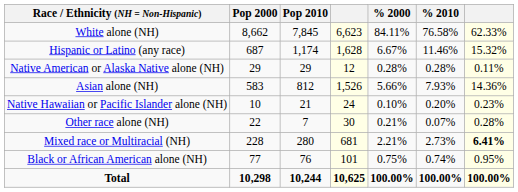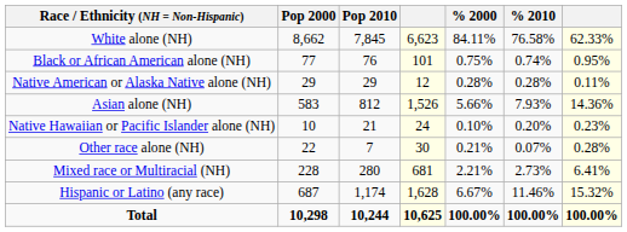 <table class="wikitable" style="text-align:center;">
 <tr>
 <th>Race / Ethnicity <small>(<em>NH = Non-Hispanic</em>)</small></th>
 <th>Pop 2000</th>
 <th>Pop 2010</th>
 <th></th>
 <th>% 2000</th>
 <th>% 2010</th>
 <th></th>
 </tr>
 <tr>
 <td><a href='#'>White</a> alone (NH)</td>
 <td>8,662</td>
 <td>7,845</td>
 <td style='background: #ffffe6;'>6,623</td>
 <td>84.11%</td>
 <td>76.58%</td>
 <td style='background: #ffffe6;'>62.33%</td>
 </tr>
 <tr>
-<td><a href='#'>Hispanic or Latino</a> (any race)</td>
-<td>687</td>
-<td>1,174</td>
-<td style='background: #ffffe6;'>1,628</td>
-<td>6.67%</td>
-<td>11.46%</td>
-<td style='background: #ffffe6;'>15.32%</td>
+<td><a href='#'>Black or African American</a> alone (NH)</td>
+<td>77</td>
+<td>76</td>
+<td style='background: #ffffe6;'>101</td>
+<td>0.75%</td>
+<td>0.74%</td>
+<td style='background: #ffffe6;'>0.95%</td>
 </tr>
 <tr>
 <td><a href='#'>Native American</a> or <a href='#'>Alaska Native</a> alone (NH)</td>
 <td>29</td>
 <td>29</td>
 <td style='background: #ffffe6;'>12</td>
 <td>0.28%</td>
 <td>0.28%</td>
 <td style='background: #ffffe6;'>0.11%</td>
 </tr>
 <tr>
 <td><a href='#'>Asian</a> alone (NH)</td>
 <td>583</td>
 <td>812</td>
 <td style='background: #ffffe6;'>1,526</td>
 <td>5.66%</td>
 <td>7.93%</td>
 <td style='background: #ffffe6;'>14.36%</td>
 </tr>
 <tr>
 <td><a href='#'>Native Hawaiian</a> or <a href='#'>Pacific Islander</a> alone (NH)</td>
 <td>10</td>
 <td>21</td>
 <td style='background: #ffffe6;'>24</td>
 <td>0.10%</td>
 <td>0.20%</td>
 <td style='background: #ffffe6;'>0.23%</td>
 </tr>
 <tr>
 <td><a href='#'>Other race</a> alone (NH)</td>
 <td>22</td>
 <td>7</td>
 <td style='background: #ffffe6;'>30</td>
 <td>0.21%</td>
 <td>0.07%</td>
 <td style='background: #ffffe6;'>0.28%</td>
 </tr>
 <tr>
 <td><a href='#'>Mixed race or Multiracial</a> (NH)</td>
 <td>228</td>
 <td>280</td>
 <td style='background: #ffffe6;'>681</td>
 <td>2.21%</td>
 <td>2.73%</td>
-<td style='background: #ffffe6;'><strong>6.41%</strong></td>
+<td style='background: #ffffe6;'>6.41%</td>
 </tr>
 <tr>
-<td><a href='#'>Black or African American</a> alone (NH)</td>
-<td>77</td>
-<td>76</td>
-<td style='background: #ffffe6;'>101</td>
-<td>0.75%</td>
-<td>0.74%</td>
-<td style='background: #ffffe6;'>0.95%</td>
+<td><a href='#'>Hispanic or Latino</a> (any race)</td>
+<td>687</td>
+<td>1,174</td>
+<td style='background: #ffffe6;'>1,628</td>
+<td>6.67%</td>
+<td>11.46%</td>
+<td style='background: #ffffe6;'>15.32%</td>
 </tr>
 <tr>
 <td><strong>Total</strong></td>
 <td><strong>10,298</strong></td>
 <td><strong>10,244</strong></td>
 <td style='background: #ffffe6;'><strong>10,625</strong></td>
 <td><strong>100.00%</strong></td>
 <td><strong>100.00%</strong></td>
 <td style='background: #ffffe6;'><strong>100.00%</strong></td>
 </tr>
 </table>
